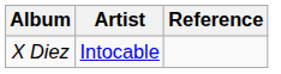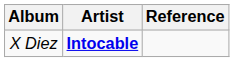 <table class="wikitable">
 <tr>
 <th>Album</th>
 <th>Artist</th>
 <th class="unsortable">Reference</th>
 </tr>
 <tr>
 <td style="text-align: center;"><em>X Diez</em></td>
-<td style="text-align: center;"><a href='#'>Intocable</a></td>
+<td style="text-align: center;"><strong><a href='#'>Intocable</a></strong></td>
 <td style="text-align: center;" rowspan="2"></td>
 </tr>
 </table>
